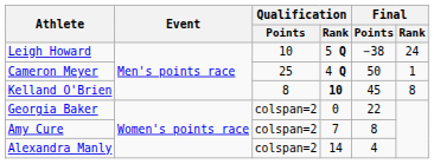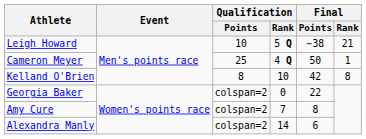 <table class=wikitable style=font-size:90%;text-align:center>
 <tr>
 <th rowspan=2>Athlete</th>
 <th rowspan=2>Event</th>
 <th colspan=2>Qualification</th>
 <th colspan=2>Final</th>
 </tr>
 <tr style=font-size:95%>
 <th>Points</th>
 <th>Rank</th>
 <th>Points</th>
 <th>Rank</th>
 </tr>
 <tr>
 <td align=left><a href='#'>Leigh Howard</a></td>
 <td align=left rowspan=3><a href='#'>Men's points race</a></td>
 <td>10</td>
 <td>5 <strong>Q</strong></td>
 <td>−38</td>
-<td>24</td>
+<td>21</td>
 </tr>
 <tr>
 <td align=left><a href='#'>Cameron Meyer</a></td>
 <td>25</td>
 <td>4 <strong>Q</strong></td>
 <td>50</td>
 <td>1</td>
 </tr>
 <tr>
 <td align=left><a href='#'>Kelland O'Brien</a></td>
 <td>8</td>
-<td><strong>10</strong></td>
-<td>45</td>
+<td>10</td>
+<td>42</td>
 <td>8</td>
 </tr>
 <tr>
 <td align=left><a href='#'>Georgia Baker</a></td>
 <td align=left rowspan=3><a href='#'>Women's points race</a></td>
 <td>colspan=2 </td>
 <td>0</td>
 <td>22</td>
 </tr>
 <tr>
 <td align=left><a href='#'>Amy Cure</a></td>
 <td>colspan=2 </td>
 <td>7</td>
 <td>8</td>
 </tr>
 <tr>
 <td align=left><a href='#'>Alexandra Manly</a></td>
 <td>colspan=2 </td>
 <td>14</td>
-<td>4</td>
+<td>6</td>
 </tr>
 </table>
